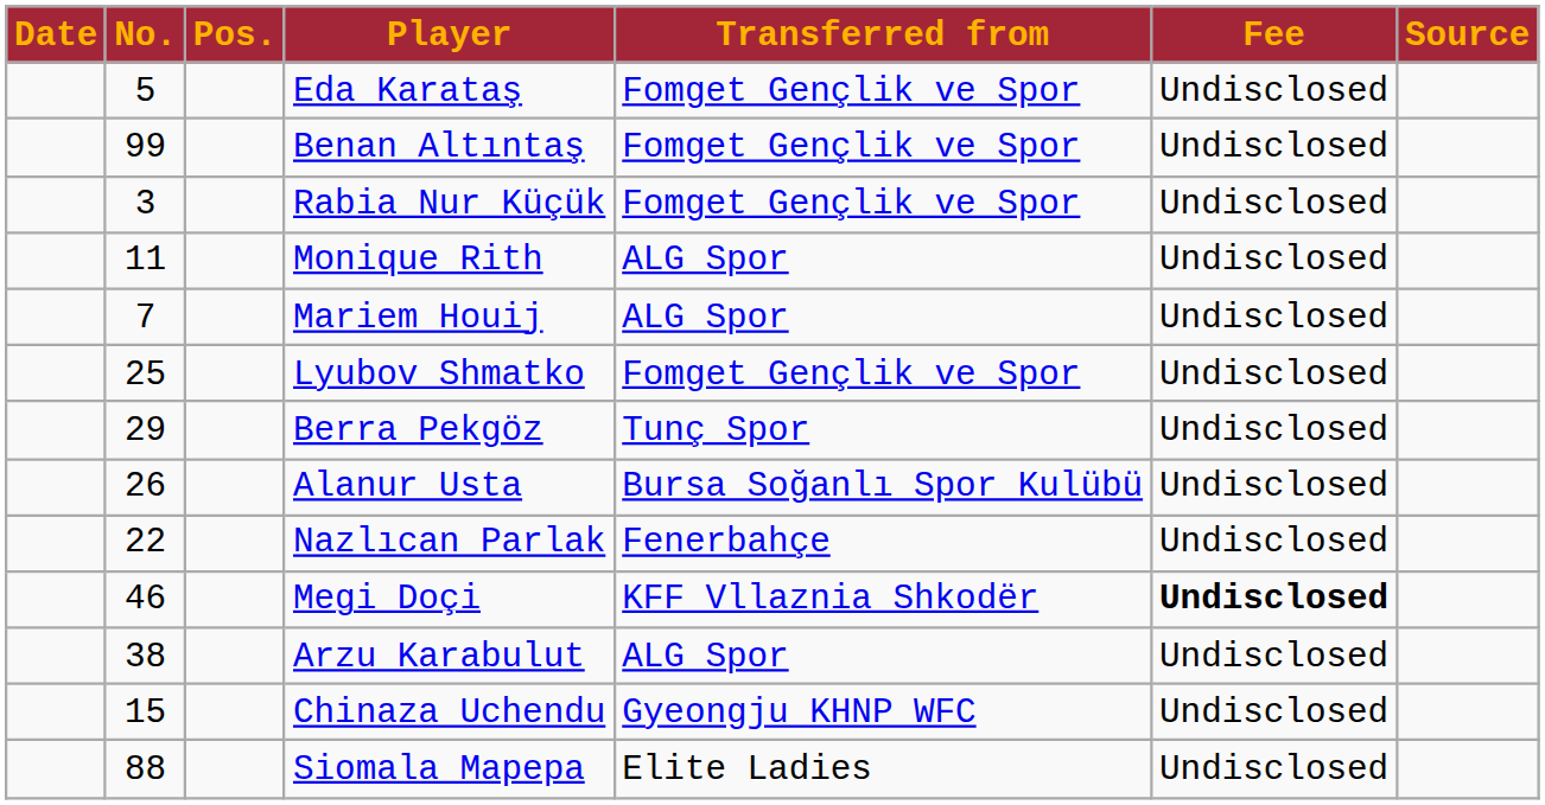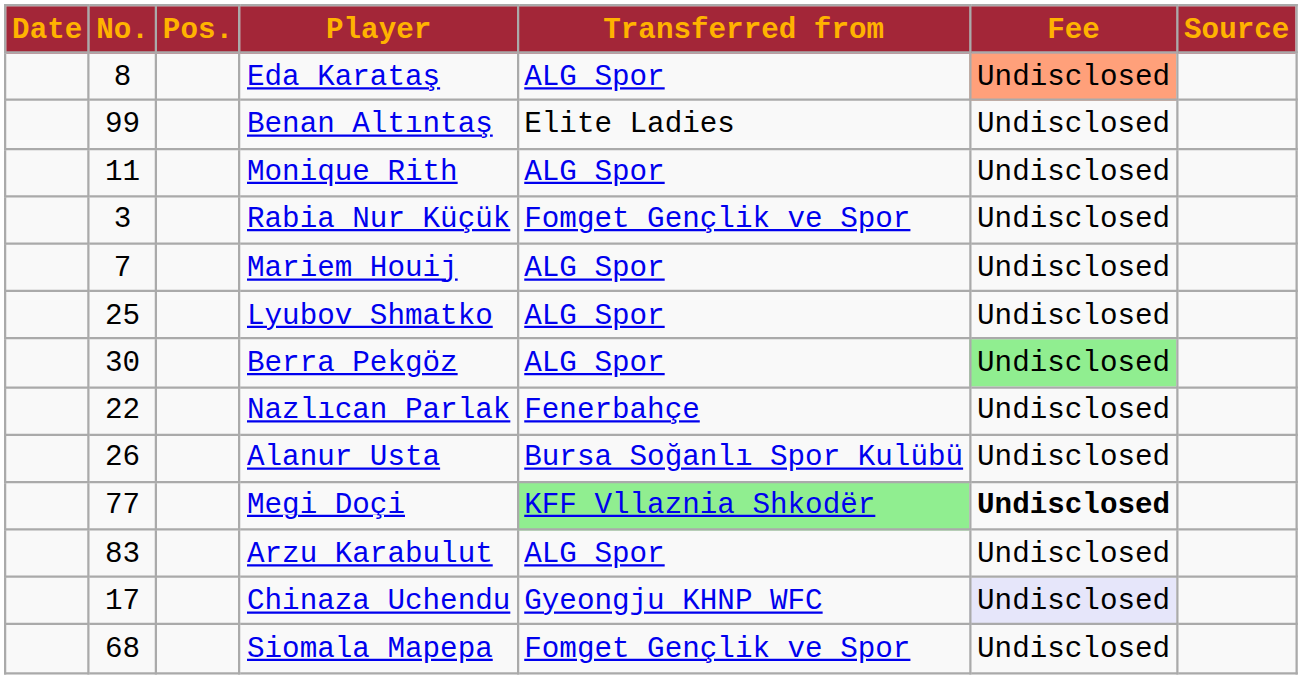 <table class="wikitable plainrowheaders sortable">
 <tr>
 <th style="background:#A32638; color:#FFB300; ">Date</th>
 <th style="background:#A32638; color:#FFB300; ">No.</th>
 <th style="background:#A32638; color:#FFB300; ">Pos.</th>
 <th style="background:#A32638; color:#FFB300; ">Player</th>
 <th style="background:#A32638; color:#FFB300; ">Transferred from</th>
 <th style="background:#A32638; color:#FFB300; ">Fee</th>
 <th style="background:#A32638; color:#FFB300; ">Source</th>
 </tr>
 <tr>
 <td></td>
-<td align=center>5</td>
+<td align=center>8</td>
 <td align=center></td>
 <td> <a href='#'>Eda Karataş</a></td>
-<td> <a href='#'>Fomget Gençlik ve Spor</a></td>
-<td>Undisclosed</td>
+<td> <a href='#'>ALG Spor</a></td>
+<td style="background: lightsalmon;">Undisclosed</td>
 <td align=center></td>
 </tr>
 <tr>
 <td></td>
 <td align=center>99</td>
 <td align=center></td>
 <td> <a href='#'>Benan Altıntaş</a></td>
-<td> <a href='#'>Fomget Gençlik ve Spor</a></td>
+<td>Elite Ladies</td>
+<td>Undisclosed</td>
+<td align=center></td>
+</tr>
+<tr>
+<td></td>
+<td align=center>11</td>
+<td align=center></td>
+<td> <a href='#'>Monique Rith</a></td>
+<td> <a href='#'>ALG Spor</a></td>
 <td>Undisclosed</td>
 <td align=center></td>
 </tr>
 <tr>
 <td></td>
 <td align=center>3</td>
 <td align=center></td>
 <td> <a href='#'>Rabia Nur Küçük</a></td>
 <td> <a href='#'>Fomget Gençlik ve Spor</a></td>
-<td>Undisclosed</td>
-<td align=center></td>
-</tr>
-<tr>
-<td></td>
-<td align=center>11</td>
-<td align=center></td>
-<td> <a href='#'>Monique Rith</a></td>
-<td> <a href='#'>ALG Spor</a></td>
 <td>Undisclosed</td>
 <td align=center></td>
 </tr>
 <tr>
 <td></td>
 <td align=center>7</td>
 <td align=center></td>
 <td> <a href='#'>Mariem Houij</a></td>
 <td> <a href='#'>ALG Spor</a></td>
 <td>Undisclosed</td>
 <td align=center></td>
 </tr>
 <tr>
 <td></td>
 <td align=center>25</td>
 <td align=center></td>
 <td> <a href='#'>Lyubov Shmatko</a></td>
-<td> <a href='#'>Fomget Gençlik ve Spor</a></td>
+<td> <a href='#'>ALG Spor</a></td>
 <td>Undisclosed</td>
 <td align=center></td>
 </tr>
 <tr>
 <td></td>
-<td align=center>29</td>
+<td align=center>30</td>
 <td align=center></td>
 <td> <a href='#'>Berra Pekgöz</a></td>
-<td> <a href='#'>Tunç Spor</a></td>
+<td> <a href='#'>ALG Spor</a></td>
+<td style="background: lightgreen;">Undisclosed</td>
+<td align=center></td>
+</tr>
+<tr>
+<td></td>
+<td align=center>22</td>
+<td align=center></td>
+<td> <a href='#'>Nazlıcan Parlak</a></td>
+<td> <a href='#'>Fenerbahçe</a></td>
 <td>Undisclosed</td>
 <td align=center></td>
 </tr>
 <tr>
 <td></td>
 <td align=center>26</td>
 <td align=center></td>
 <td> <a href='#'>Alanur Usta</a></td>
 <td> <a href='#'>Bursa Soğanlı Spor Kulübü</a></td>
 <td>Undisclosed</td>
 <td align=center></td>
 </tr>
 <tr>
 <td></td>
-<td align=center>22</td>
-<td align=center></td>
-<td> <a href='#'>Nazlıcan Parlak</a></td>
-<td> <a href='#'>Fenerbahçe</a></td>
-<td>Undisclosed</td>
-<td align=center></td>
-</tr>
-<tr>
-<td></td>
-<td align=center>46</td>
+<td align=center>77</td>
 <td align=center></td>
 <td> <a href='#'>Megi Doçi</a></td>
-<td> <a href='#'>KFF Vllaznia Shkodër</a></td>
+<td style="background: lightgreen;"> <a href='#'>KFF Vllaznia Shkodër</a></td>
 <td><strong>Undisclosed</strong></td>
 <td align=center></td>
 </tr>
 <tr>
 <td></td>
-<td align=center>38</td>
+<td align=center>83</td>
 <td align=center></td>
 <td> <a href='#'>Arzu Karabulut</a></td>
 <td> <a href='#'>ALG Spor</a></td>
 <td>Undisclosed</td>
 <td align=center></td>
 </tr>
 <tr>
 <td></td>
-<td align=center>15</td>
+<td align=center>17</td>
 <td align=center></td>
 <td> <a href='#'>Chinaza Uchendu</a></td>
 <td> <a href='#'>Gyeongju KHNP WFC</a></td>
-<td>Undisclosed</td>
+<td style="background: lavender;">Undisclosed</td>
 <td align=center></td>
 </tr>
 <tr>
 <td></td>
-<td align=center>88</td>
+<td align=center>68</td>
 <td align=center></td>
 <td> <a href='#'>Siomala Mapepa</a></td>
-<td>Elite Ladies</td>
+<td> <a href='#'>Fomget Gençlik ve Spor</a></td>
 <td>Undisclosed</td>
 <td align=center></td>
 </tr>
 </table>
